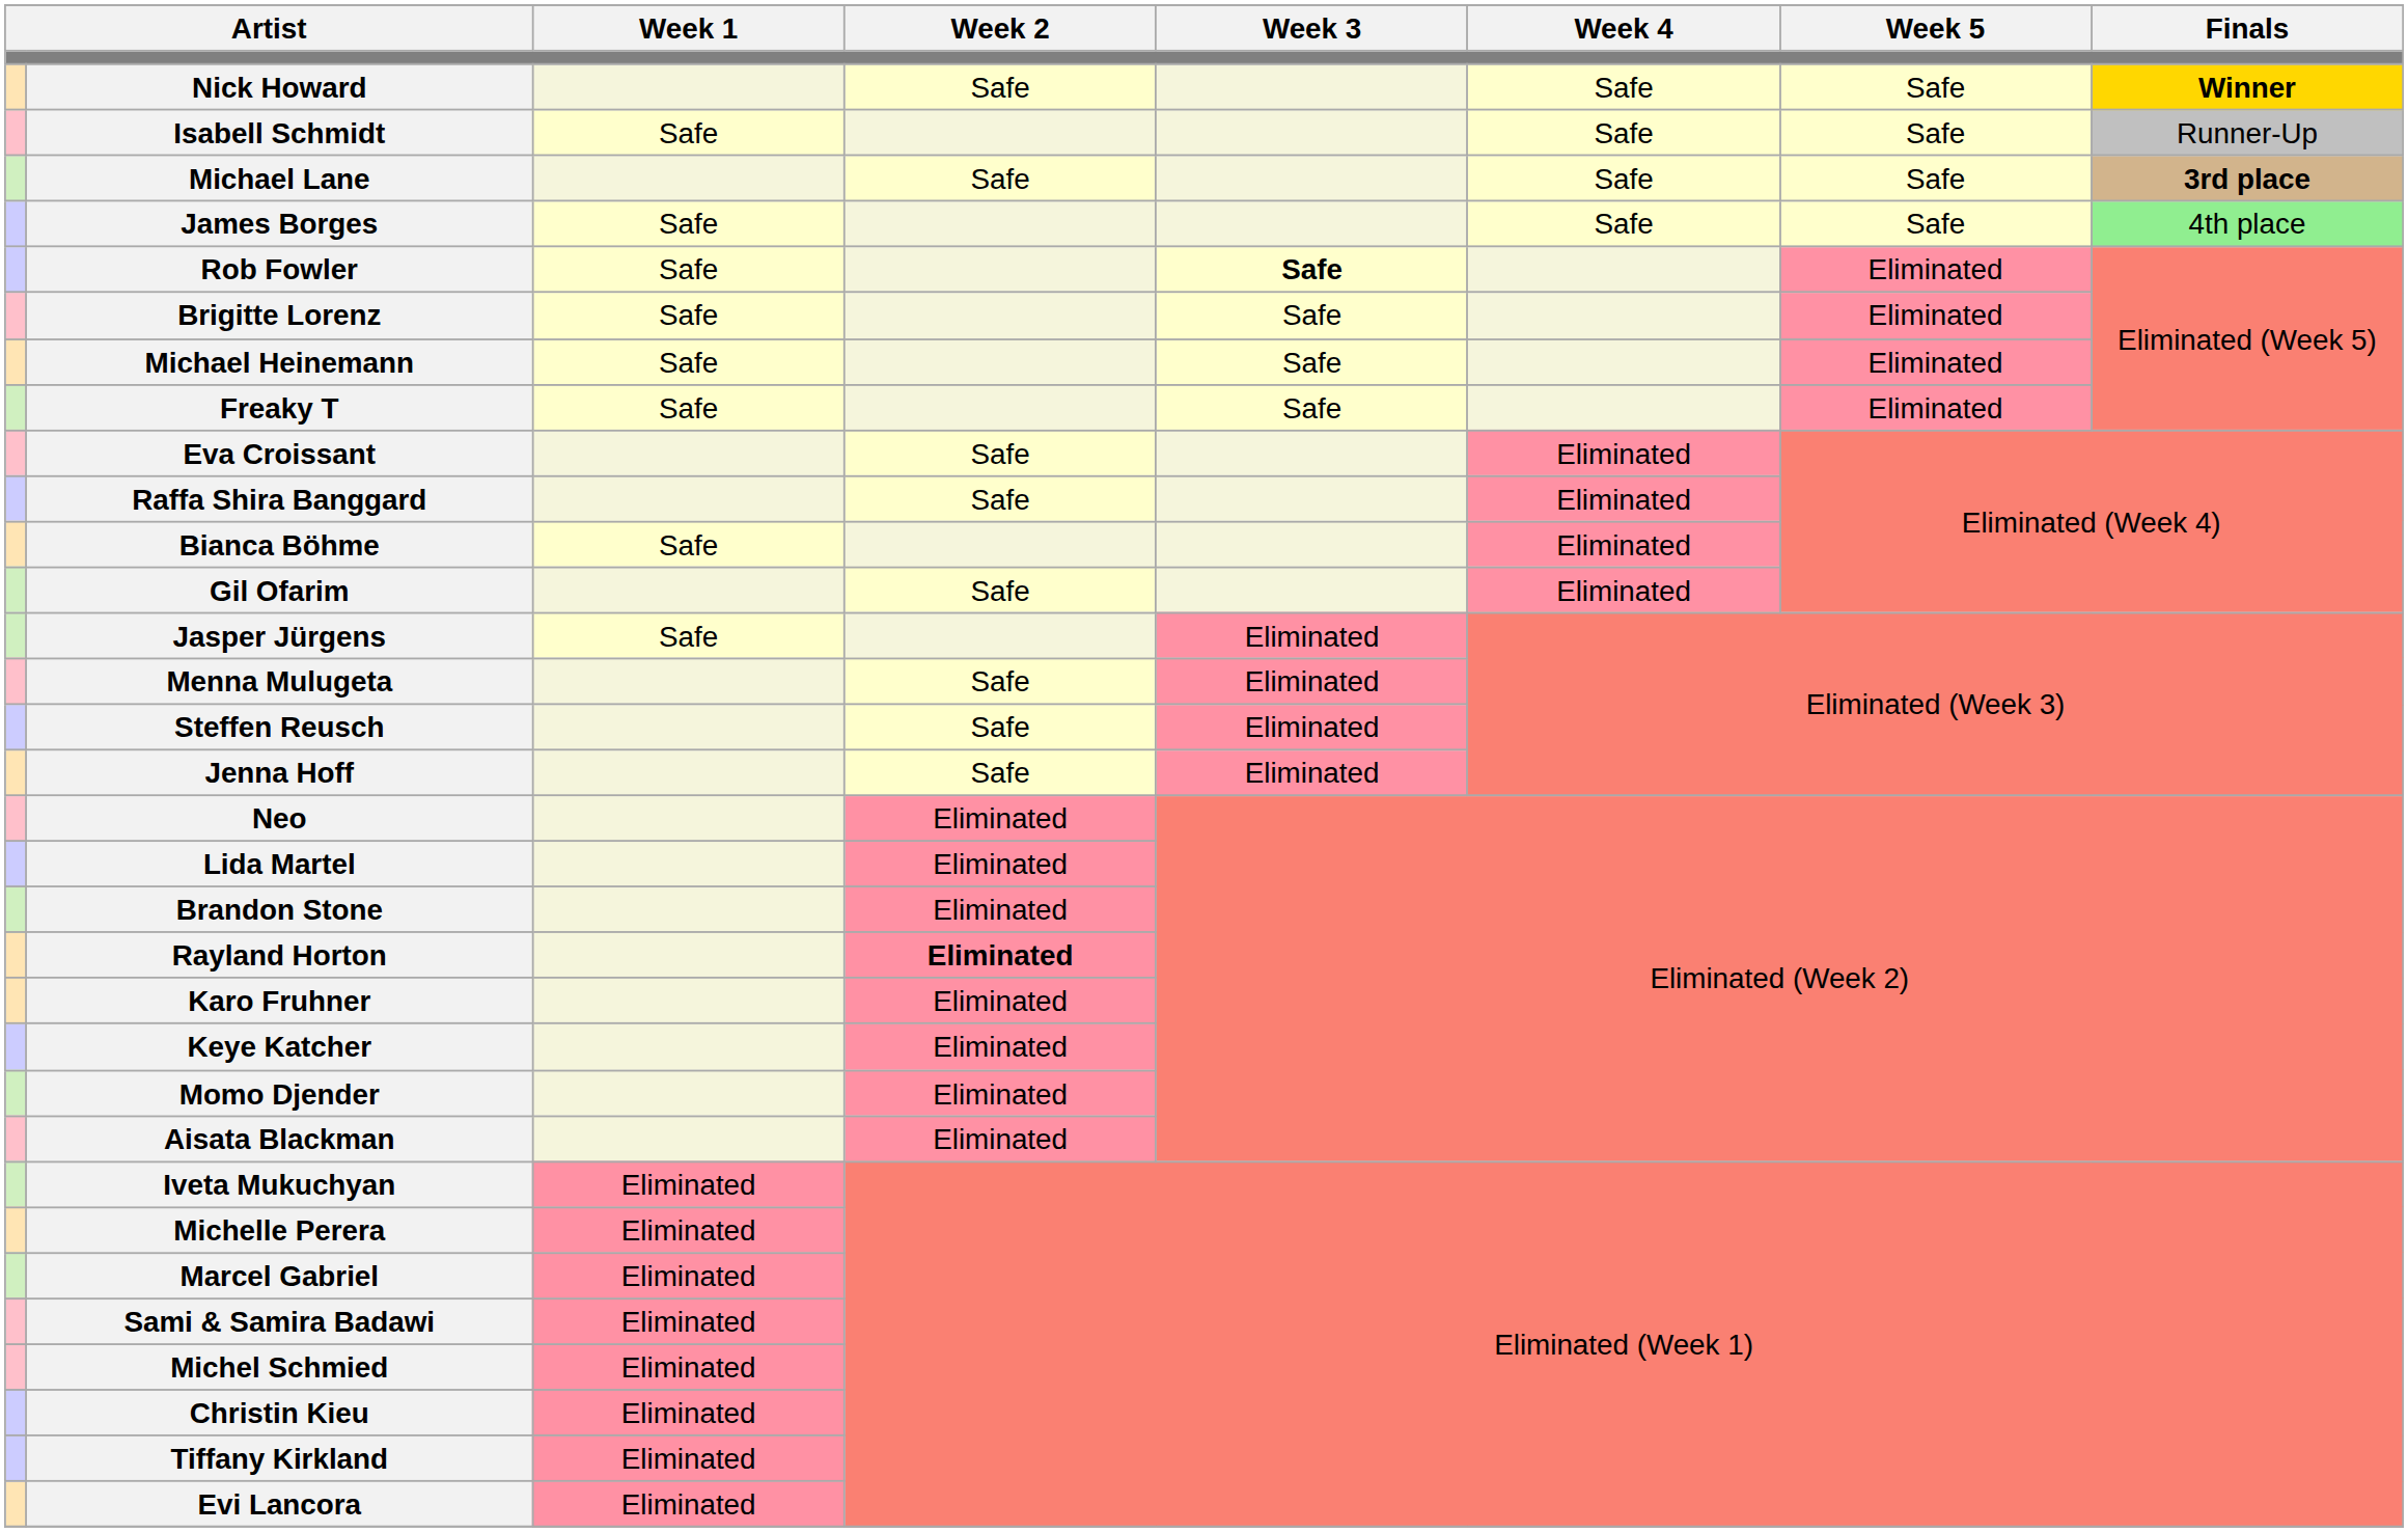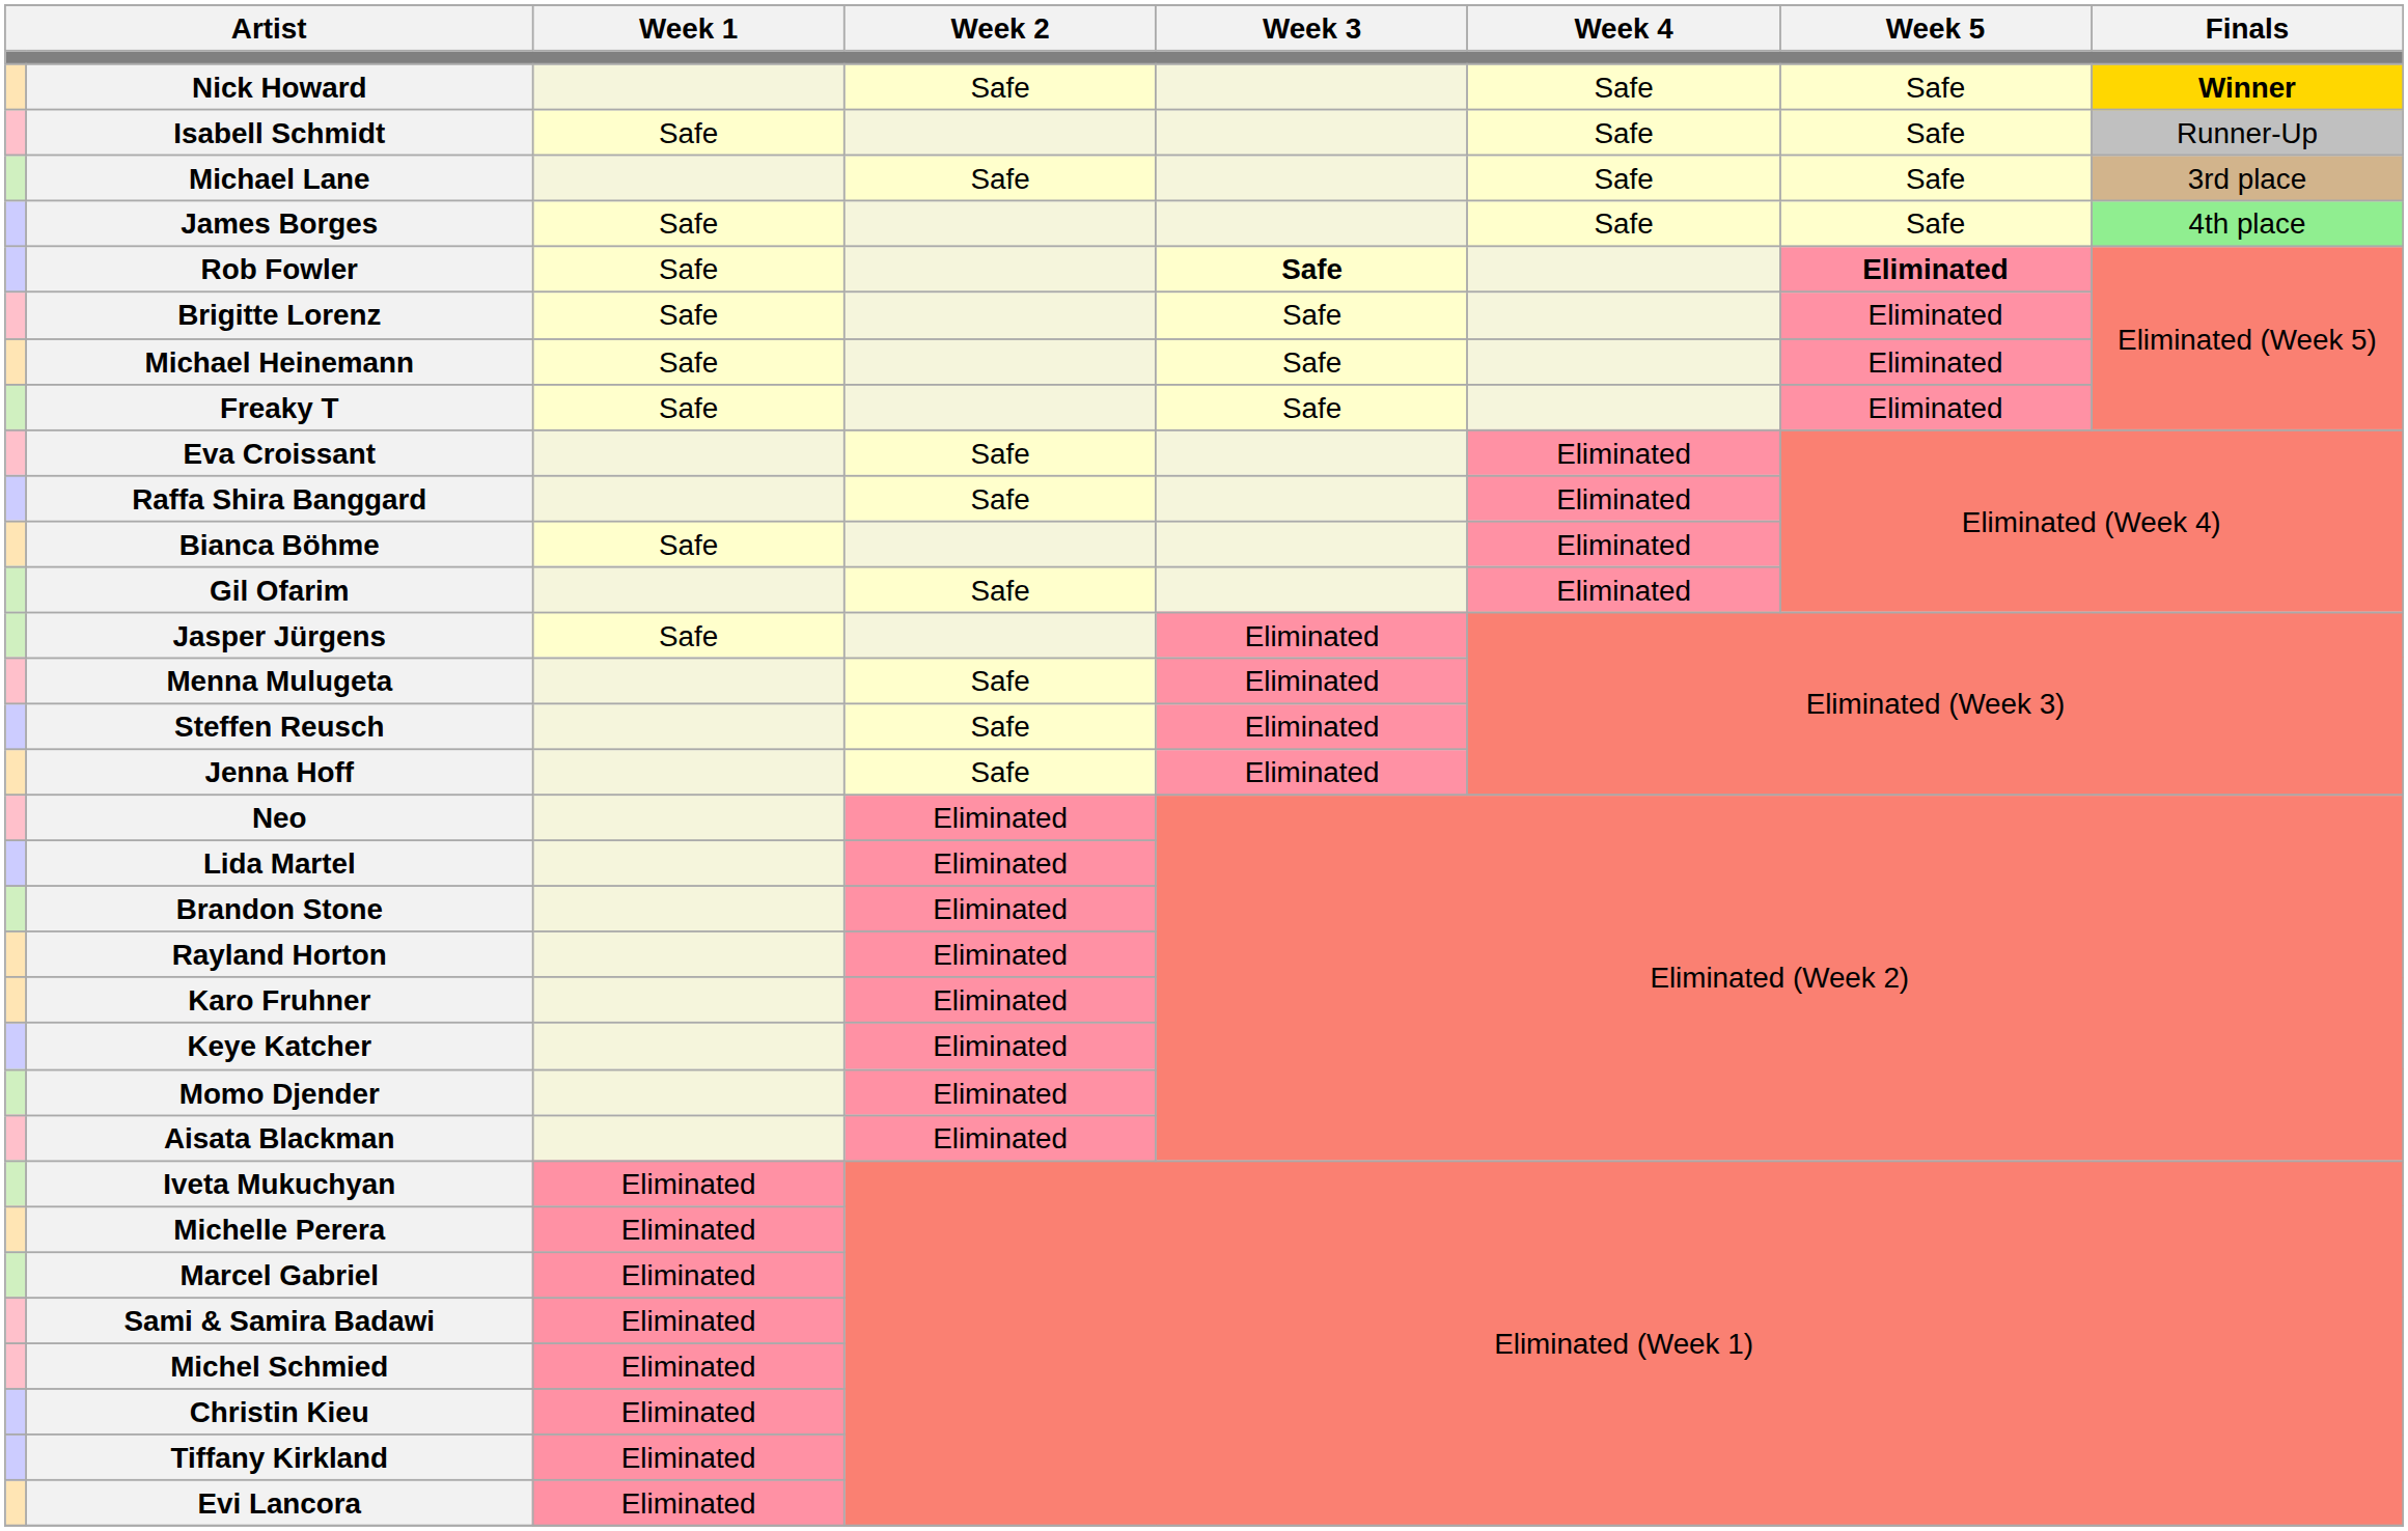 <table class="wikitable"  style="text-align:center; font-size:95%; width:100%;">
 <tr>
 </tr>
 <tr>
 <th colspan="2">Artist</th>
 <th style="width:13%;">Week 1</th>
 <th style="width:13%;">Week 2</th>
 <th style="width:13%;">Week 3</th>
 <th style="width:13%;">Week 4</th>
 <th style="width:13%;">Week 5</th>
 <th style="width:13%;">Finals</th>
 </tr>
 <tr>
 <th colspan="8" style="background:gray;"></th>
 </tr>
 <tr>
 <th style="background:#ffe5b4;"></th>
 <th>Nick Howard</th>
 <td style="background:#F5F5DC;"></td>
 <td style="background:#ffc;">Safe</td>
 <td style="background:#F5F5DC;"></td>
 <td style="background:#ffc;">Safe</td>
 <td style="background:#ffc;">Safe</td>
 <td style="background:gold;"><strong>Winner</strong></td>
 </tr>
 <tr>
 <th style="background:pink;"></th>
 <th>Isabell Schmidt</th>
 <td style="background:#ffc;">Safe</td>
 <td style="background:#F5F5DC;"></td>
 <td style="background:#F5F5DC;"></td>
 <td style="background:#ffc;">Safe</td>
 <td style="background:#ffc;">Safe</td>
 <td style="Background:silver;">Runner-Up</td>
 </tr>
 <tr>
 <th style="background:#d0f0c0;"></th>
 <th>Michael Lane</th>
 <td style="background:#F5F5DC;"></td>
 <td style="background:#ffc;">Safe</td>
 <td style="background:#F5F5DC;"></td>
 <td style="background:#ffc;">Safe</td>
 <td style="background:#ffc;">Safe</td>
-<td style="background:tan;"><strong>3rd place</strong></td>
+<td style="background:tan;">3rd place</td>
 </tr>
 <tr>
 <th style="background:#ccf;"></th>
 <th>James Borges</th>
 <td style="background:#ffc;">Safe</td>
 <td style="background:#F5F5DC;"></td>
 <td style="background:#F5F5DC;"></td>
 <td style="background:#ffc;">Safe</td>
 <td style="background:#ffc;">Safe</td>
 <td style="background:lightgreen;">4th place</td>
 </tr>
 <tr>
 <th style="background:#ccf;"></th>
 <th>Rob Fowler</th>
 <td style="background:#ffc;">Safe</td>
 <td style="background:#F5F5DC;"></td>
 <td style="background:#ffc;"><strong>Safe</strong></td>
 <td style="background:#F5F5DC;"></td>
-<td style="background:#FF91A4;">Eliminated</td>
+<td style="background:#FF91A4;"><strong>Eliminated</strong></td>
 <td rowspan="4" colspan="5" style="background:salmon;">Eliminated (Week 5)</td>
 </tr>
 <tr>
 <th style="background:pink;"></th>
 <th>Brigitte Lorenz</th>
 <td style="background:#ffc;">Safe</td>
 <td style="background:#F5F5DC;"></td>
 <td style="background:#ffc;">Safe</td>
 <td style="background:#F5F5DC;"></td>
 <td style="background:#FF91A4;">Eliminated</td>
 </tr>
 <tr>
 <th style="background:#ffe5b4;"></th>
 <th>Michael Heinemann</th>
 <td style="background:#ffc;">Safe</td>
 <td style="background:#F5F5DC;"></td>
 <td style="background:#ffc;">Safe</td>
 <td style="background:#F5F5DC;"></td>
 <td style="background:#FF91A4;">Eliminated</td>
 </tr>
 <tr>
 <th style="background:#d0f0c0;"></th>
 <th>Freaky T</th>
 <td style="background:#ffc;">Safe</td>
 <td style="background:#F5F5DC;"></td>
 <td style="background:#ffc;">Safe</td>
 <td style="background:#F5F5DC;"></td>
 <td style="background:#FF91A4;">Eliminated</td>
 </tr>
 <tr>
 <th style="background:pink;"></th>
 <th>Eva Croissant</th>
 <td style="background:#F5F5DC;"></td>
 <td style="background:#ffc;">Safe</td>
 <td style="background:#F5F5DC;"></td>
 <td style="background:#FF91A4;">Eliminated</td>
 <td rowspan="4" colspan="5" style="background:salmon;">Eliminated (Week 4)</td>
 </tr>
 <tr>
 <th style="background:#ccf;"></th>
 <th>Raffa Shira Banggard</th>
 <td style="background:#F5F5DC;"></td>
 <td style="background:#ffc;">Safe</td>
 <td style="background:#F5F5DC;"></td>
 <td style="background:#FF91A4;">Eliminated</td>
 </tr>
 <tr>
 <th style="background:#ffe5b4;"></th>
 <th>Bianca Böhme</th>
 <td style="background:#ffc;">Safe</td>
 <td style="background:#F5F5DC;"></td>
 <td style="background:#F5F5DC;"></td>
 <td style="background:#FF91A4;">Eliminated</td>
 </tr>
 <tr>
 <th style="background:#d0f0c0;"></th>
 <th>Gil Ofarim</th>
 <td style="background:#F5F5DC;"></td>
 <td style="background:#ffc;">Safe</td>
 <td style="background:#F5F5DC;"></td>
 <td style="background:#FF91A4;">Eliminated</td>
 </tr>
 <tr>
 <th style="background:#d0f0c0;"></th>
 <th>Jasper Jürgens</th>
 <td style="background:#ffc;">Safe</td>
 <td style="background:#F5F5DC;"></td>
 <td style="background:#FF91A4;">Eliminated</td>
 <td rowspan="4" colspan="5" style="background:salmon;">Eliminated (Week 3)</td>
 </tr>
 <tr>
 <th style="background:pink;"></th>
 <th>Menna Mulugeta</th>
 <td style="background:#F5F5DC;"></td>
 <td style="background:#ffc;">Safe</td>
 <td style="background:#FF91A4;">Eliminated</td>
 </tr>
 <tr>
 <th style="background:#ccf;"></th>
 <th>Steffen Reusch</th>
 <td style="background:#F5F5DC;"></td>
 <td style="background:#ffc;">Safe</td>
 <td style="background:#FF91A4;">Eliminated</td>
 </tr>
 <tr>
 <th style="background:#ffe5b4;"></th>
 <th>Jenna Hoff</th>
 <td style="background:#F5F5DC;"></td>
 <td style="background:#ffc;">Safe</td>
 <td style="background:#FF91A4;">Eliminated</td>
 </tr>
 <tr>
 <th style="background:pink;"></th>
 <th>Neo</th>
 <td style="background:#F5F5DC;"></td>
 <td style="background:#FF91A4;">Eliminated</td>
 <td rowspan="8" colspan="5" style="background:salmon;">Eliminated (Week 2)</td>
 </tr>
 <tr>
 <th style="background:#ccf;"></th>
 <th>Lida Martel</th>
 <td style="background:#F5F5DC;"></td>
 <td style="background:#FF91A4;">Eliminated</td>
 </tr>
 <tr>
 <th style="background:#d0f0c0;"></th>
 <th>Brandon Stone</th>
 <td style="background:#F5F5DC;"></td>
 <td style="background:#FF91A4;">Eliminated</td>
 </tr>
 <tr>
 <th style="background:#ffe5b4;"></th>
 <th>Rayland Horton</th>
 <td style="background:#F5F5DC;"></td>
-<td style="background:#FF91A4;"><strong>Eliminated</strong></td>
+<td style="background:#FF91A4;">Eliminated</td>
 </tr>
 <tr>
 <th style="background:#ffe5b4;"></th>
 <th>Karo Fruhner</th>
 <td style="background:#F5F5DC;"></td>
 <td style="background:#FF91A4;">Eliminated</td>
 </tr>
 <tr>
 <th style="background:#ccf;"></th>
 <th>Keye Katcher</th>
 <td style="background:#F5F5DC;"></td>
 <td style="background:#FF91A4;">Eliminated</td>
 </tr>
 <tr>
 <th style="background:#d0f0c0;"></th>
 <th>Momo Djender</th>
 <td style="background:#F5F5DC;"></td>
 <td style="background:#FF91A4;">Eliminated</td>
 </tr>
 <tr>
 <th style="background:pink;"></th>
 <th>Aisata Blackman</th>
 <td style="background:#F5F5DC;"></td>
 <td style="background:#FF91A4;">Eliminated</td>
 </tr>
 <tr>
 <th style="background:#d0f0c0;"></th>
 <th>Iveta Mukuchyan</th>
 <td style="background:#FF91A4;">Eliminated</td>
 <td rowspan="8" colspan="5" style="background:salmon;">Eliminated (Week 1)</td>
 </tr>
 <tr>
 <th style="background:#ffe5b4;"></th>
 <th>Michelle Perera</th>
 <td style="background:#FF91A4;">Eliminated</td>
 </tr>
 <tr>
 <th style="background:#d0f0c0;"></th>
 <th>Marcel Gabriel</th>
 <td style="background:#FF91A4;">Eliminated</td>
 </tr>
 <tr>
 <th style="background:pink;"></th>
 <th>Sami & Samira Badawi</th>
 <td style="background:#FF91A4;">Eliminated</td>
 </tr>
 <tr>
 <th style="background:pink;"></th>
 <th>Michel Schmied</th>
 <td style="background:#FF91A4;">Eliminated</td>
 </tr>
 <tr>
 <th style="background:#ccf;"></th>
 <th>Christin Kieu</th>
 <td style="background:#FF91A4;">Eliminated</td>
 </tr>
 <tr>
 <th style="background:#ccf;"></th>
 <th>Tiffany Kirkland</th>
 <td style="background:#FF91A4;">Eliminated</td>
 </tr>
 <tr>
 <th style="background:#ffe5b4;"></th>
 <th>Evi Lancora</th>
 <td style="background:#FF91A4;">Eliminated</td>
 </tr>
 <tr>
 </tr>
 </table>
